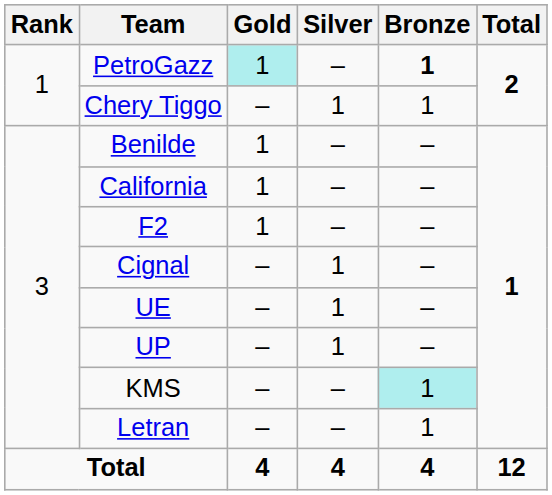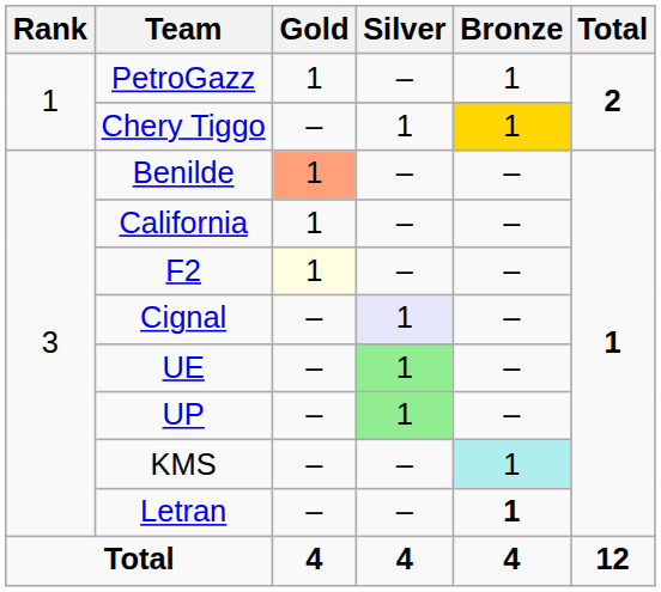 <table class="wikitable">
 <tr>
 <th>Rank</th>
 <th>Team</th>
 <th>Gold</th>
 <th>Silver</th>
 <th>Bronze</th>
 <th>Total</th>
 </tr>
 <tr align=center>
 <td rowspan=2>1</td>
 <td><a href='#'>PetroGazz</a></td>
-<td style="background: paleturquoise;">1</td>
+<td>1</td>
 <td>–</td>
-<td><strong>1</strong></td>
+<td>1</td>
 <td rowspan=2><strong>2</strong></td>
 </tr>
 <tr align=center>
 <td><a href='#'>Chery Tiggo</a></td>
 <td>–</td>
 <td>1</td>
-<td>1</td>
+<td style="background: gold;">1</td>
 </tr>
 <tr align=center>
 <td rowspan=8>3</td>
 <td><a href='#'>Benilde</a></td>
-<td>1</td>
+<td style="background: lightsalmon;">1</td>
 <td>–</td>
 <td>–</td>
 <td rowspan=8><strong>1</strong></td>
 </tr>
 <tr align=center>
 <td><a href='#'>California</a></td>
 <td>1</td>
 <td>–</td>
 <td>–</td>
 </tr>
 <tr align=center>
 <td><a href='#'>F2</a></td>
-<td>1</td>
+<td style="background: lightyellow;">1</td>
 <td>–</td>
 <td>–</td>
 </tr>
 <tr align=center>
 <td><a href='#'>Cignal</a></td>
 <td>–</td>
-<td>1</td>
+<td style="background: lavender;">1</td>
 <td>–</td>
 </tr>
 <tr align=center>
 <td><a href='#'>UE</a></td>
 <td>–</td>
-<td>1</td>
+<td style="background: lightgreen;">1</td>
 <td>–</td>
 </tr>
 <tr align=center>
 <td><a href='#'>UP</a></td>
 <td>–</td>
-<td>1</td>
+<td style="background: lightgreen;">1</td>
 <td>–</td>
 </tr>
 <tr align=center>
 <td>KMS</td>
 <td>–</td>
 <td>–</td>
 <td style="background: paleturquoise;">1</td>
 </tr>
 <tr align=center>
 <td><a href='#'>Letran</a></td>
 <td>–</td>
 <td>–</td>
-<td>1</td>
+<td><strong>1</strong></td>
 </tr>
 <tr align=center>
 <td colspan="2"><strong>Total</strong></td>
 <td><strong>4</strong></td>
 <td><strong>4</strong></td>
 <td><strong>4</strong></td>
 <td><strong>12</strong></td>
 </tr>
 </table>
